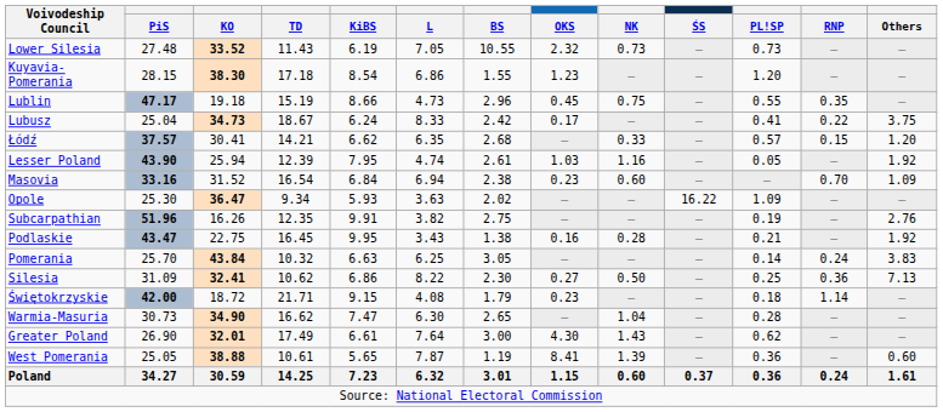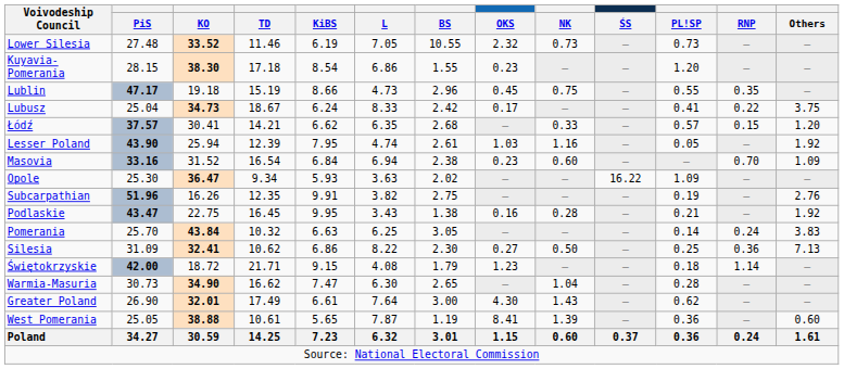 <table class="wikitable sortable" style="text-align:center; font-size:85%;">
 <tr text-align:center;>
 <th style="width:110px;" rowspan="2">Voivodeship<br>Council</th>
 <th style="background: "></th>
 <th style="background: "></th>
 <th style="background: "></th>
 <th style="background: "></th>
 <th style="background: "></th>
 <th style="background: "></th>
 <th style="background: #126AB4;"></th>
 <th style="background: "></th>
 <th style="background: #0C2E51;"></th>
 <th style="background: "></th>
 <th style="background: "></th>
 <th style="background: "></th>
 </tr>
 <tr text-align:center;>
 <th style="font-size:95%; width:65px;"><a href='#'>PiS</a></th>
 <th style="font-size:95%; width:65px;"><a href='#'>KO</a></th>
 <th style="font-size:95%; width:65px;"><a href='#'>TD</a></th>
 <th style="font-size:95%; width:65px;"><a href='#'>KiBS</a></th>
 <th style="font-size:95%; width:65px;"><a href='#'>L</a></th>
 <th style="font-size:95%; width:65px;"><a href='#'>BS</a></th>
 <th style="font-size:95%; width:65px;"><a href='#'>OKS</a></th>
 <th style="font-size:95%; width:65px;"><a href='#'>NK</a></th>
 <th style="font-size:95%; width:65px;"><a href='#'>ŚS</a></th>
 <th style="font-size:95%; width:65px;"><a href='#'>PL!SP</a></th>
 <th style="font-size:95%; width:65px;"><a href='#'>RNP</a></th>
 <th style="font-size:95%; width:65px;">Others</th>
 </tr>
 <tr>
 <td style="text-align: left;"><a href='#'>Lower Silesia</a></td>
 <td>27.48</td>
 <td style="background: #fee0c0;"><strong>33.52</strong></td>
-<td>11.43</td>
+<td>11.46</td>
 <td>6.19</td>
 <td>7.05</td>
 <td>10.55</td>
 <td>2.32</td>
 <td>0.73</td>
 <td style="background: #ececec; color:gray;">—</td>
 <td>0.73</td>
 <td style="background: #ececec; color:gray;">—</td>
 <td style="background: #ececec; color:gray;">—</td>
 </tr>
 <tr>
 <td style="text-align: left;"><a href='#'>Kuyavia-Pomerania</a></td>
 <td>28.15</td>
 <td style="background: #fee0c0;"><strong>38.30</strong></td>
 <td>17.18</td>
 <td>8.54</td>
 <td>6.86</td>
 <td>1.55</td>
-<td>1.23</td>
+<td>0.23</td>
 <td style="background: #ececec; color:gray;">—</td>
 <td style="background: #ececec; color:gray;">—</td>
 <td>1.20</td>
 <td style="background: #ececec; color:gray;">—</td>
 <td style="background: #ececec; color:gray;">—</td>
 </tr>
 <tr>
 <td style="text-align: left;"><a href='#'>Lublin</a></td>
 <td style="background: #acbdd1;"><strong>47.17</strong></td>
 <td>19.18</td>
 <td>15.19</td>
 <td>8.66</td>
 <td>4.73</td>
 <td>2.96</td>
 <td>0.45</td>
 <td>0.75</td>
 <td style="background: #ececec; color:gray;">—</td>
 <td>0.55</td>
 <td>0.35</td>
 <td style="background: #ececec; color:gray;">—</td>
 </tr>
 <tr>
 <td style="text-align: left;"><a href='#'>Lubusz</a></td>
 <td>25.04</td>
 <td style="background: #fee0c0;"><strong>34.73</strong></td>
 <td>18.67</td>
 <td>6.24</td>
 <td>8.33</td>
 <td>2.42</td>
 <td>0.17</td>
 <td style="background: #ececec; color:gray;">—</td>
 <td style="background: #ececec; color:gray;">—</td>
 <td>0.41</td>
 <td>0.22</td>
 <td>3.75</td>
 </tr>
 <tr>
 <td style="text-align: left;"><a href='#'>Łódź</a></td>
 <td style="background: #acbdd1;"><strong>37.57</strong></td>
 <td>30.41</td>
 <td>14.21</td>
 <td>6.62</td>
 <td>6.35</td>
 <td>2.68</td>
 <td style="background: #ececec; color:gray;">—</td>
 <td>0.33</td>
 <td style="background: #ececec; color:gray;">—</td>
 <td>0.57</td>
 <td>0.15</td>
 <td>1.20</td>
 </tr>
 <tr>
 <td style="text-align: left;"><a href='#'>Lesser Poland</a></td>
 <td style="background: #acbdd1;"><strong>43.90</strong></td>
 <td>25.94</td>
 <td>12.39</td>
 <td>7.95</td>
 <td>4.74</td>
 <td>2.61</td>
 <td>1.03</td>
 <td>1.16</td>
 <td style="background: #ececec; color:gray;">—</td>
 <td>0.05</td>
 <td style="background: #ececec; color:gray;">—</td>
 <td>1.92</td>
 </tr>
 <tr>
 <td style="text-align: left;"><a href='#'>Masovia</a></td>
 <td style="background: #acbdd1;"><strong>33.16</strong></td>
 <td>31.52</td>
 <td>16.54</td>
 <td>6.84</td>
 <td>6.94</td>
 <td>2.38</td>
 <td>0.23</td>
 <td>0.60</td>
 <td style="background: #ececec; color:gray;">—</td>
 <td style="background: #ececec; color:gray;">—</td>
 <td>0.70</td>
 <td>1.09</td>
 </tr>
 <tr>
 <td style="text-align: left;"><a href='#'>Opole</a></td>
 <td>25.30</td>
 <td style="background: #fee0c0;"><strong>36.47</strong></td>
 <td>9.34</td>
 <td>5.93</td>
 <td>3.63</td>
 <td>2.02</td>
 <td style="background: #ececec; color:gray;">—</td>
 <td style="background: #ececec; color:gray;">—</td>
 <td>16.22</td>
 <td>1.09</td>
 <td style="background: #ececec; color:gray;">—</td>
 <td style="background: #ececec; color:gray;">—</td>
 </tr>
 <tr>
 <td style="text-align: left;"><a href='#'>Subcarpathian</a></td>
 <td style="background: #acbdd1;"><strong>51.96</strong></td>
 <td>16.26</td>
 <td>12.35</td>
 <td>9.91</td>
 <td>3.82</td>
 <td>2.75</td>
 <td style="background: #ececec; color:gray;">—</td>
 <td style="background: #ececec; color:gray;">—</td>
 <td style="background: #ececec; color:gray;">—</td>
 <td>0.19</td>
 <td style="background: #ececec; color:gray;">—</td>
 <td>2.76</td>
 </tr>
 <tr>
 <td style="text-align: left;"><a href='#'>Podlaskie</a></td>
 <td style="background: #acbdd1;"><strong>43.47</strong></td>
 <td>22.75</td>
 <td>16.45</td>
 <td>9.95</td>
 <td>3.43</td>
 <td>1.38</td>
 <td>0.16</td>
 <td>0.28</td>
 <td style="background: #ececec; color:gray;">—</td>
 <td>0.21</td>
 <td style="background: #ececec; color:gray;">—</td>
 <td>1.92</td>
 </tr>
 <tr>
 <td style="text-align: left;"><a href='#'>Pomerania</a></td>
 <td>25.70</td>
 <td style="background: #fee0c0;"><strong>43.84</strong></td>
 <td>10.32</td>
 <td>6.63</td>
 <td>6.25</td>
 <td>3.05</td>
 <td style="background: #ececec; color:gray;">—</td>
 <td style="background: #ececec; color:gray;">—</td>
 <td style="background: #ececec; color:gray;">—</td>
 <td>0.14</td>
 <td>0.24</td>
 <td>3.83</td>
 </tr>
 <tr>
 <td style="text-align: left;"><a href='#'>Silesia</a></td>
 <td>31.09</td>
 <td style="background: #fee0c0;"><strong>32.41</strong></td>
 <td>10.62</td>
 <td>6.86</td>
 <td>8.22</td>
 <td>2.30</td>
 <td>0.27</td>
 <td>0.50</td>
 <td style="background: #ececec; color:gray;">—</td>
 <td>0.25</td>
 <td>0.36</td>
 <td>7.13</td>
 </tr>
 <tr>
 <td style="text-align: left;"><a href='#'>Świętokrzyskie</a></td>
 <td style="background: #acbdd1;"><strong>42.00</strong></td>
 <td>18.72</td>
 <td>21.71</td>
 <td>9.15</td>
 <td>4.08</td>
 <td>1.79</td>
-<td>0.23</td>
+<td>1.23</td>
 <td style="background: #ececec; color:gray;">—</td>
 <td style="background: #ececec; color:gray;">—</td>
 <td>0.18</td>
 <td>1.14</td>
 <td style="background: #ececec; color:gray;">—</td>
 </tr>
 <tr>
 <td style="text-align: left;"><a href='#'>Warmia-Masuria</a></td>
 <td>30.73</td>
 <td style="background: #fee0c0;"><strong>34.90</strong></td>
 <td>16.62</td>
 <td>7.47</td>
 <td>6.30</td>
 <td>2.65</td>
 <td style="background: #ececec; color:gray;">—</td>
 <td>1.04</td>
 <td style="background: #ececec; color:gray;">—</td>
 <td>0.28</td>
 <td style="background: #ececec; color:gray;">—</td>
 <td style="background: #ececec; color:gray;">—</td>
 </tr>
 <tr>
 <td style="text-align: left;"><a href='#'>Greater Poland</a></td>
 <td>26.90</td>
 <td style="background: #fee0c0;"><strong>32.01</strong></td>
 <td>17.49</td>
 <td>6.61</td>
 <td>7.64</td>
 <td>3.00</td>
 <td>4.30</td>
 <td>1.43</td>
 <td style="background: #ececec; color:gray;">—</td>
 <td>0.62</td>
 <td style="background: #ececec; color:gray;">—</td>
 <td style="background: #ececec; color:gray;">—</td>
 </tr>
 <tr>
 <td style="text-align: left;"><a href='#'>West Pomerania</a></td>
 <td>25.05</td>
 <td style="background: #fee0c0;"><strong>38.88</strong></td>
 <td>10.61</td>
 <td>5.65</td>
 <td>7.87</td>
 <td>1.19</td>
 <td>8.41</td>
 <td>1.39</td>
 <td style="background: #ececec; color:gray;">—</td>
 <td>0.36</td>
 <td style="background: #ececec; color:gray;">—</td>
 <td>0.60</td>
 </tr>
 <tr>
 <th style="text-align: left;">Poland</th>
 <th>34.27</th>
 <th>30.59</th>
 <th>14.25</th>
 <th>7.23</th>
 <th>6.32</th>
 <th>3.01</th>
 <th>1.15</th>
 <th>0.60</th>
 <th>0.37</th>
 <th>0.36</th>
 <th>0.24</th>
 <th>1.61</th>
 </tr>
 <tr>
 <td colspan="13" align="center">Source: <a href='#'>National Electoral Commission</a></td>
 </tr>
 </table>
